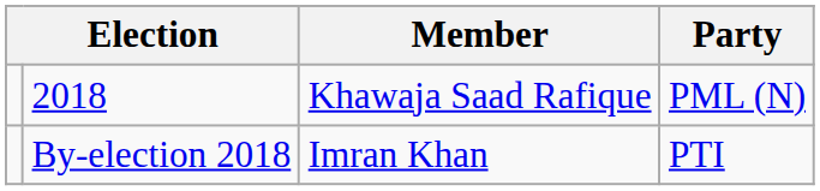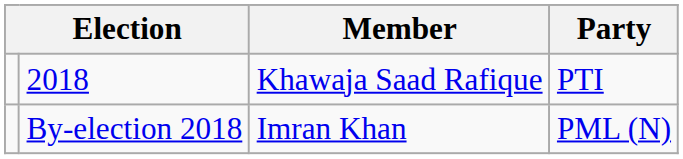 <table class="wikitable">
 <tr>
 <th colspan="2">Election</th>
 <th>Member</th>
 <th>Party</th>
 </tr>
 <tr>
 <td style="background-color: "></td>
 <td><a href='#'>2018</a></td>
 <td><a href='#'>Khawaja Saad Rafique</a></td>
-<td><a href='#'>PML (N)</a></td>
+<td><a href='#'>PTI</a></td>
 </tr>
 <tr>
 <td style="background-color: "></td>
 <td><a href='#'>By-election 2018</a></td>
 <td><a href='#'>Imran Khan</a></td>
-<td><a href='#'>PTI</a></td>
+<td><a href='#'>PML (N)</a></td>
 </tr>
 </table>
